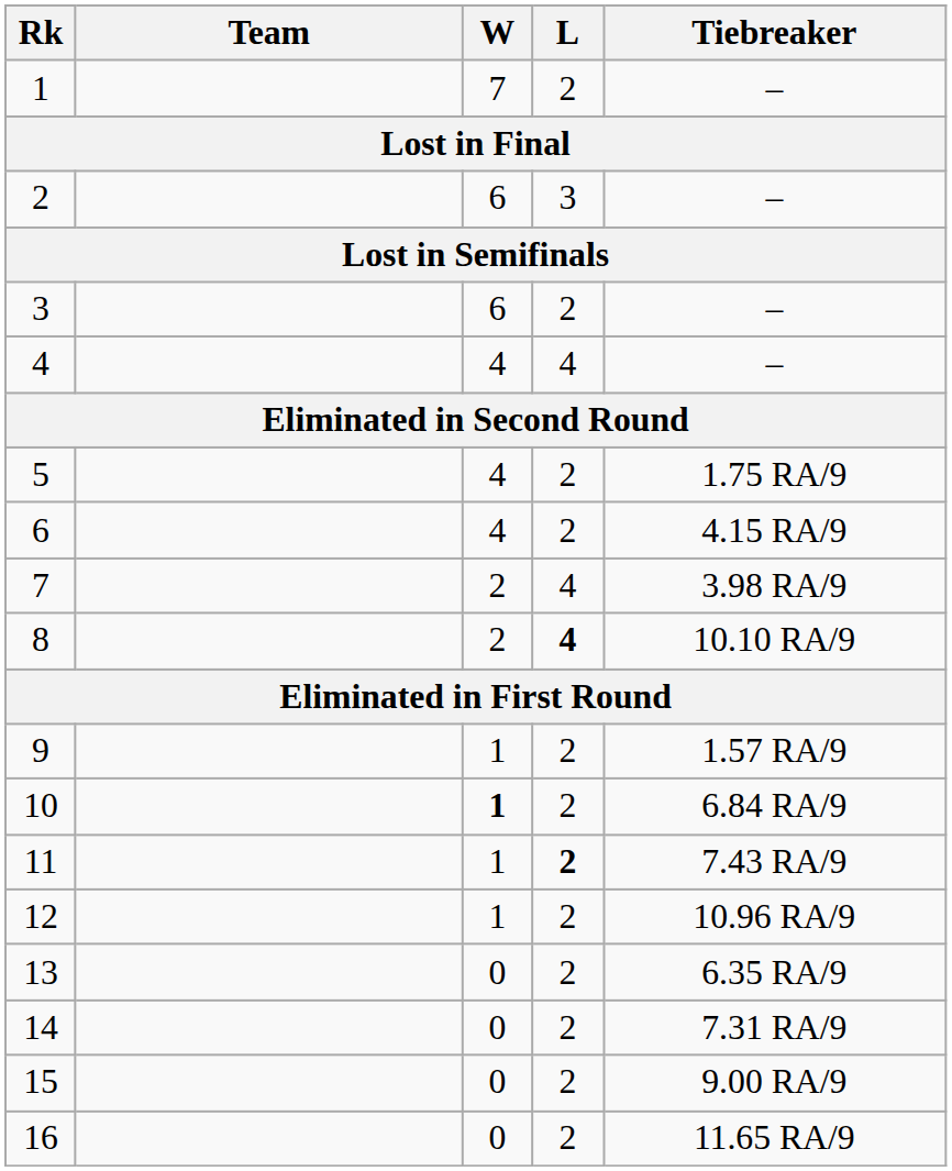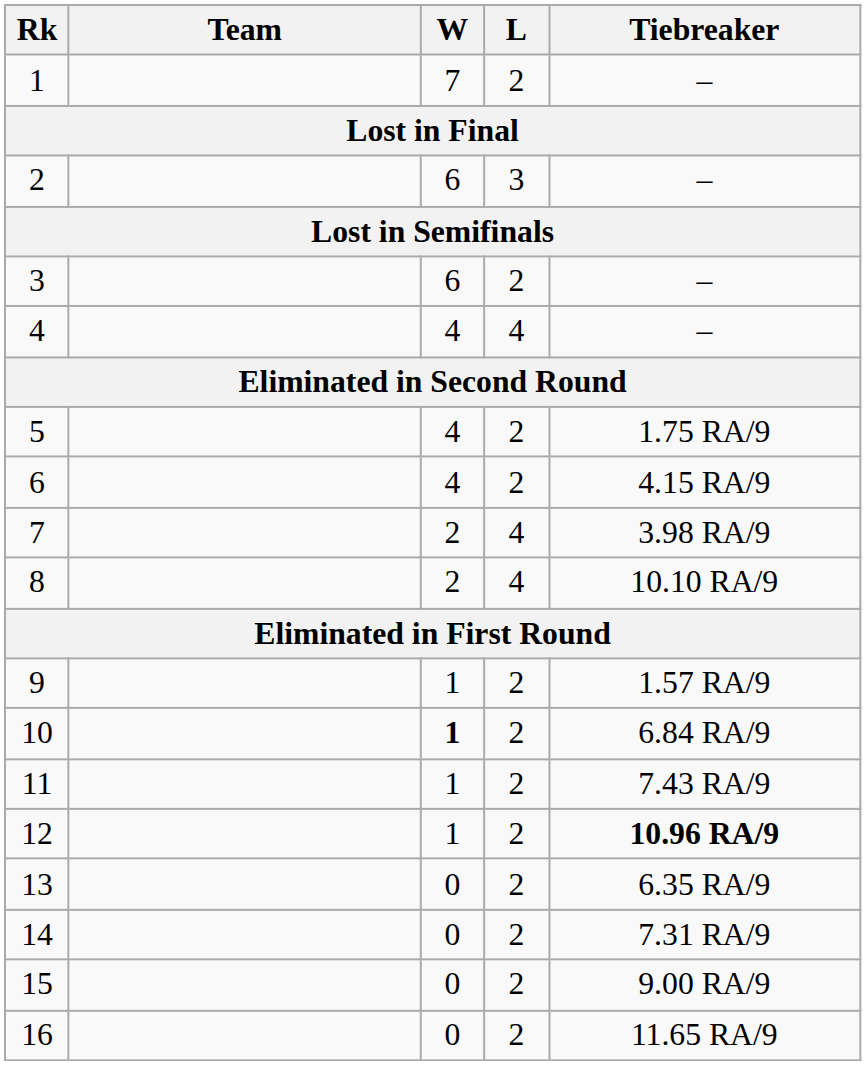 <table class=wikitable style=text-align:center>
 <tr>
 <th width=25>Rk</th>
 <th width=170>Team</th>
 <th width=25>W</th>
 <th width=25>L</th>
 <th width=150>Tiebreaker</th>
 </tr>
 <tr>
 <td>1</td>
 <td align=left></td>
 <td>7</td>
 <td>2</td>
 <td>–</td>
 </tr>
 <tr>
 <th colspan="6">Lost in Final</th>
 </tr>
 <tr>
 <td>2</td>
 <td align=left></td>
 <td>6</td>
 <td>3</td>
 <td>–</td>
 </tr>
 <tr>
 <th colspan="6">Lost in Semifinals</th>
 </tr>
 <tr>
 <td>3</td>
 <td align=left></td>
 <td>6</td>
 <td>2</td>
 <td>–</td>
 </tr>
 <tr>
 <td>4</td>
 <td align=left></td>
 <td>4</td>
 <td>4</td>
 <td>–</td>
 </tr>
 <tr>
 <th colspan="6">Eliminated in Second Round</th>
 </tr>
 <tr>
 <td>5</td>
 <td align=left></td>
 <td>4</td>
 <td>2</td>
 <td>1.75 RA/9</td>
 </tr>
 <tr>
 <td>6</td>
 <td align=left></td>
 <td>4</td>
 <td>2</td>
 <td>4.15 RA/9</td>
 </tr>
 <tr>
 <td>7</td>
 <td align=left></td>
 <td>2</td>
 <td>4</td>
 <td>3.98 RA/9</td>
 </tr>
 <tr>
 <td>8</td>
 <td align=left></td>
 <td>2</td>
-<td><strong>4</strong></td>
+<td>4</td>
 <td>10.10 RA/9</td>
 </tr>
 <tr>
 <th colspan="6">Eliminated in First Round</th>
 </tr>
 <tr>
 <td>9</td>
 <td align=left></td>
 <td>1</td>
 <td>2</td>
 <td>1.57 RA/9</td>
 </tr>
 <tr>
 <td>10</td>
 <td align=left></td>
 <td><strong>1</strong></td>
 <td>2</td>
 <td>6.84 RA/9</td>
 </tr>
 <tr>
 <td>11</td>
 <td align=left></td>
 <td>1</td>
-<td><strong>2</strong></td>
+<td>2</td>
 <td>7.43 RA/9</td>
 </tr>
 <tr>
 <td>12</td>
 <td align=left></td>
 <td>1</td>
 <td>2</td>
-<td>10.96 RA/9</td>
+<td><strong>10.96 RA/9</strong></td>
 </tr>
 <tr>
 <td>13</td>
 <td align=left></td>
 <td>0</td>
 <td>2</td>
 <td>6.35 RA/9</td>
 </tr>
 <tr>
 <td>14</td>
 <td align=left></td>
 <td>0</td>
 <td>2</td>
 <td>7.31 RA/9</td>
 </tr>
 <tr>
 <td>15</td>
 <td align=left></td>
 <td>0</td>
 <td>2</td>
 <td>9.00 RA/9</td>
 </tr>
 <tr>
 <td>16</td>
 <td align=left></td>
 <td>0</td>
 <td>2</td>
 <td>11.65 RA/9</td>
 </tr>
 </table>
